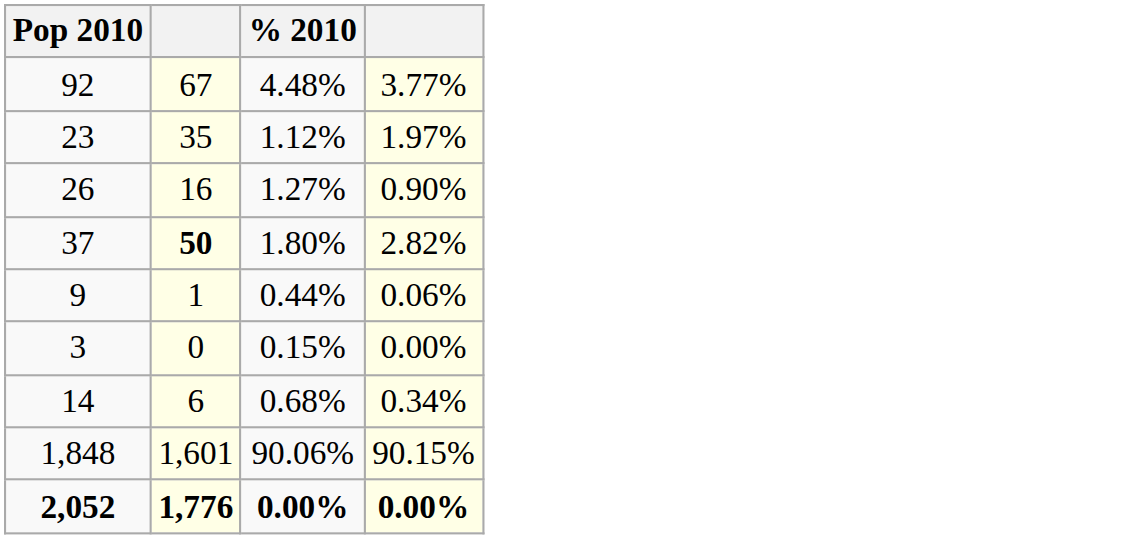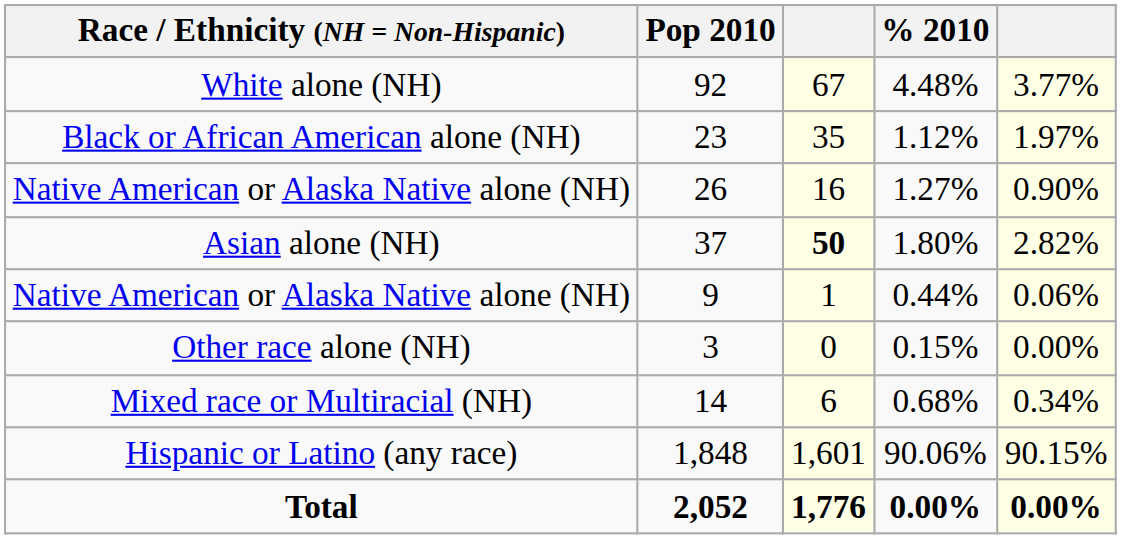 <table class="wikitable" style="text-align:center;">
 <tr>
+<th>Race / Ethnicity <small>(<em>NH = Non-Hispanic</em>)</small></th>
 <th>Pop 2010</th>
 <th></th>
 <th>% 2010</th>
 <th></th>
 </tr>
 <tr>
+<td><a href='#'>White</a> alone (NH)</td>
 <td>92</td>
 <td style='background: #ffffe6;'>67</td>
 <td>4.48%</td>
 <td style='background: #ffffe6;'>3.77%</td>
 </tr>
 <tr>
+<td><a href='#'>Black or African American</a> alone (NH)</td>
 <td>23</td>
 <td style='background: #ffffe6;'>35</td>
 <td>1.12%</td>
 <td style='background: #ffffe6;'>1.97%</td>
 </tr>
 <tr>
+<td><a href='#'>Native American</a> or <a href='#'>Alaska Native</a> alone (NH)</td>
 <td>26</td>
 <td style='background: #ffffe6;'>16</td>
 <td>1.27%</td>
 <td style='background: #ffffe6;'>0.90%</td>
 </tr>
 <tr>
+<td><a href='#'>Asian</a> alone (NH)</td>
 <td>37</td>
 <td style='background: #ffffe6;'><strong>50</strong></td>
 <td>1.80%</td>
 <td style='background: #ffffe6;'>2.82%</td>
 </tr>
 <tr>
+<td><a href='#'>Native American</a> or <a href='#'>Alaska Native</a> alone (NH)</td>
 <td>9</td>
 <td style='background: #ffffe6;'>1</td>
 <td>0.44%</td>
 <td style='background: #ffffe6;'>0.06%</td>
 </tr>
 <tr>
+<td><a href='#'>Other race</a> alone (NH)</td>
 <td>3</td>
 <td style='background: #ffffe6;'>0</td>
 <td>0.15%</td>
 <td style='background: #ffffe6;'>0.00%</td>
 </tr>
 <tr>
+<td><a href='#'>Mixed race or Multiracial</a> (NH)</td>
 <td>14</td>
 <td style='background: #ffffe6;'>6</td>
 <td>0.68%</td>
 <td style='background: #ffffe6;'>0.34%</td>
 </tr>
 <tr>
+<td><a href='#'>Hispanic or Latino</a> (any race)</td>
 <td>1,848</td>
 <td style='background: #ffffe6;'>1,601</td>
 <td>90.06%</td>
 <td style='background: #ffffe6;'>90.15%</td>
 </tr>
 <tr>
+<td><strong>Total</strong></td>
 <td><strong>2,052</strong></td>
 <td style='background: #ffffe6;'><strong>1,776</strong></td>
 <td><strong>0.00%</strong></td>
 <td style='background: #ffffe6;'><strong>0.00%</strong></td>
 </tr>
 </table>
